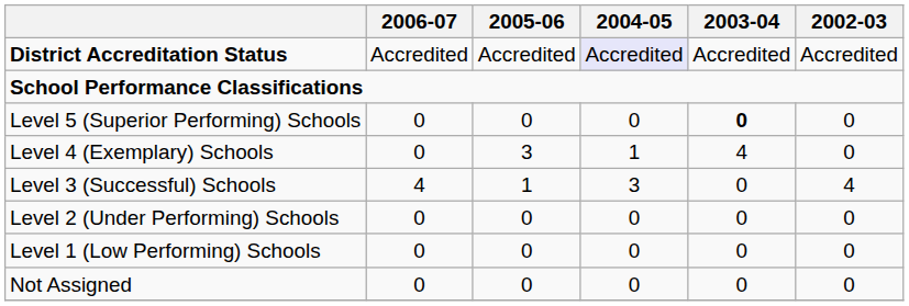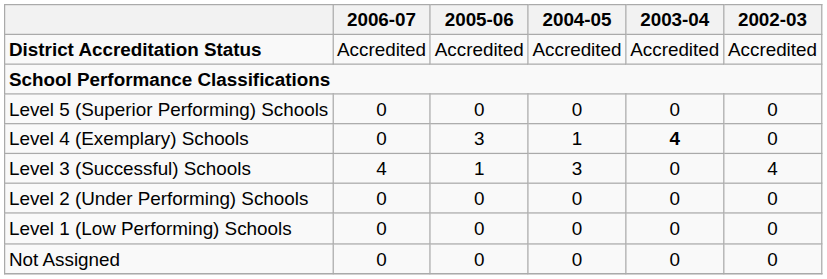 <table class="wikitable" style="font-size: 95%;">
 <tr>
 <th></th>
 <th>2006-07</th>
 <th>2005-06</th>
 <th>2004-05</th>
 <th>2003-04</th>
 <th>2002-03</th>
 </tr>
 <tr>
 <td align="left"><strong>District Accreditation Status</strong></td>
 <td align="center">Accredited</td>
 <td align="center">Accredited</td>
-<td align="center" style="background: lavender;">Accredited</td>
+<td align="center">Accredited</td>
 <td align="center">Accredited</td>
 <td align="center">Accredited</td>
 </tr>
 <tr>
 <td align="left" colspan="6"><strong>School Performance Classifications</strong></td>
 </tr>
 <tr>
 <td align="left">Level 5 (Superior Performing) Schools</td>
 <td align="center">0</td>
 <td align="center">0</td>
 <td align="center">0</td>
-<td align="center"><strong>0</strong></td>
+<td align="center">0</td>
 <td align="center">0</td>
 </tr>
 <tr>
 <td align="left">Level 4 (Exemplary) Schools</td>
 <td align="center">0</td>
 <td align="center">3</td>
 <td align="center">1</td>
-<td align="center">4</td>
+<td align="center"><strong>4</strong></td>
 <td align="center">0</td>
 </tr>
 <tr>
 <td align="left">Level 3 (Successful) Schools</td>
 <td align="center">4</td>
 <td align="center">1</td>
 <td align="center">3</td>
 <td align="center">0</td>
 <td align="center">4</td>
 </tr>
 <tr>
 <td align="left">Level 2 (Under Performing) Schools</td>
 <td align="center">0</td>
 <td align="center">0</td>
 <td align="center">0</td>
 <td align="center">0</td>
 <td align="center">0</td>
 </tr>
 <tr>
 <td align="left">Level 1 (Low Performing) Schools</td>
 <td align="center">0</td>
 <td align="center">0</td>
 <td align="center">0</td>
 <td align="center">0</td>
 <td align="center">0</td>
 </tr>
 <tr>
 <td align="left">Not Assigned</td>
 <td align="center">0</td>
 <td align="center">0</td>
 <td align="center">0</td>
 <td align="center">0</td>
 <td align="center">0</td>
 </tr>
 <tr>
 </tr>
 </table>
